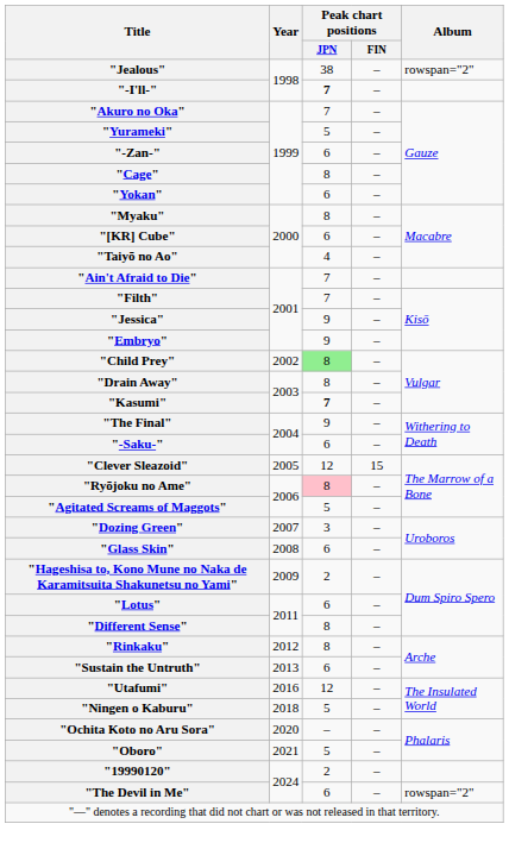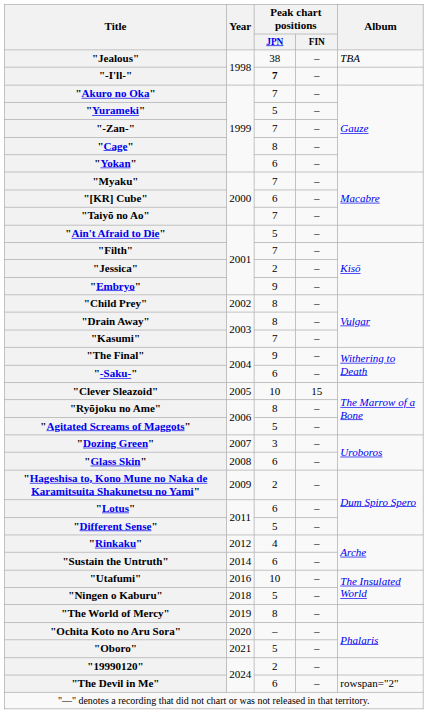 <table class="wikitable plainrowheaders">
 <tr>
 <th scope="col" rowspan="2">Title</th>
 <th scope="col" rowspan="2">Year</th>
 <th scope="col" colspan="2">Peak chart positions</th>
 <th scope="col" rowspan="2">Album</th>
 </tr>
 <tr>
 <th scope="col" style="width:4em;font-size:85%"><a href='#'>JPN</a><br></th>
 <th scope="col" style="width:4em;font-size:85%">FIN<br></th>
 </tr>
 <tr>
 <th scope="row">"Jealous"</th>
 <td align="center" rowspan="2">1998</td>
 <td align="center">38</td>
 <td align="center">–</td>
-<td>rowspan="2" </td>
+<td><em>TBA</em></td>
 </tr>
 <tr>
 <th scope="row">"-I'll-"</th>
 <td align="center"><strong>7</strong></td>
 <td align="center">–</td>
 </tr>
 <tr>
 <th scope="row">"<a href='#'>Akuro no Oka</a>"</th>
 <td align="center" rowspan="5">1999</td>
 <td align="center">7</td>
 <td align="center">–</td>
 <td rowspan="5"><em><a href='#'>Gauze</a></em></td>
 </tr>
 <tr>
 <th scope="row">"<a href='#'>Yurameki</a>"</th>
 <td align="center">5</td>
 <td align="center">–</td>
 </tr>
 <tr>
 <th scope="row">"-Zan-"</th>
-<td align="center">6</td>
+<td align="center">7</td>
 <td align="center">–</td>
 </tr>
 <tr>
 <th scope="row">"<a href='#'>Cage</a>"</th>
 <td align="center">8</td>
 <td align="center">–</td>
 </tr>
 <tr>
 <th scope="row">"<a href='#'>Yokan</a>"</th>
 <td align="center">6</td>
 <td align="center">–</td>
 </tr>
 <tr>
 <th scope="row">"Myaku"</th>
 <td align="center" rowspan="3">2000</td>
-<td align="center">8</td>
+<td align="center">7</td>
 <td align="center">–</td>
 <td rowspan="3"><em><a href='#'>Macabre</a></em></td>
 </tr>
 <tr>
 <th scope="row">"[KR] Cube"</th>
 <td align="center">6</td>
 <td align="center">–</td>
 </tr>
 <tr>
 <th scope="row">"Taiyō no Ao"</th>
-<td align="center">4</td>
+<td align="center">7</td>
 <td align="center">–</td>
 </tr>
 <tr>
 <th scope="row">"<a href='#'>Ain't Afraid to Die</a>"</th>
 <td align="center" rowspan="4">2001</td>
-<td align="center">7</td>
+<td align="center">5</td>
 <td align="center">–</td>
 <td></td>
 </tr>
 <tr>
 <th scope="row">"Filth"</th>
 <td align="center">7</td>
 <td align="center">–</td>
 <td rowspan="3"><em><a href='#'>Kisō</a></em></td>
 </tr>
 <tr>
 <th scope="row">"Jessica"</th>
-<td align="center">9</td>
+<td align="center">2</td>
 <td align="center">–</td>
 </tr>
 <tr>
 <th scope="row">"<a href='#'>Embryo</a>"</th>
 <td align="center">9</td>
 <td align="center">–</td>
 </tr>
 <tr>
 <th scope="row">"Child Prey"</th>
 <td align="center">2002</td>
-<td align="center" style="background: lightgreen;">8</td>
+<td align="center">8</td>
 <td align="center">–</td>
 <td rowspan="3"><em><a href='#'>Vulgar</a></em></td>
 </tr>
 <tr>
 <th scope="row">"Drain Away"</th>
 <td align="center" rowspan="2">2003</td>
 <td align="center">8</td>
 <td align="center">–</td>
 </tr>
 <tr>
 <th scope="row">"Kasumi"</th>
-<td align="center"><strong>7</strong></td>
+<td align="center">7</td>
 <td align="center">–</td>
 </tr>
 <tr>
 <th scope="row">"The Final"</th>
 <td align="center" rowspan="2">2004</td>
 <td align="center">9</td>
 <td align="center">–</td>
 <td rowspan="2"><em><a href='#'>Withering to Death</a></em></td>
 </tr>
 <tr>
 <th scope="row">"<a href='#'>-Saku-</a>"</th>
 <td align="center">6</td>
 <td align="center">–</td>
 </tr>
 <tr>
 <th scope="row">"Clever Sleazoid"</th>
 <td align="center">2005</td>
-<td align="center">12</td>
+<td align="center">10</td>
 <td align="center">15</td>
 <td rowspan="3"><em><a href='#'>The Marrow of a Bone</a></em></td>
 </tr>
 <tr>
 <th scope="row">"Ryōjoku no Ame"</th>
 <td align="center" rowspan="2">2006</td>
-<td align="center" style="background: pink;">8</td>
+<td align="center">8</td>
 <td align="center">–</td>
 </tr>
 <tr>
 <th scope="row">"<a href='#'>Agitated Screams of Maggots</a>"</th>
 <td align="center">5</td>
 <td align="center">–</td>
 </tr>
 <tr>
 <th scope="row">"<a href='#'>Dozing Green</a>"</th>
 <td align="center">2007</td>
 <td align="center">3</td>
 <td align="center">–</td>
 <td rowspan="2"><em><a href='#'>Uroboros</a></em></td>
 </tr>
 <tr>
 <th scope="row">"<a href='#'>Glass Skin</a>"</th>
 <td align="center">2008</td>
 <td align="center">6</td>
 <td align="center">–</td>
 </tr>
 <tr>
 <th scope="row">"<a href='#'>Hageshisa to, Kono Mune no Naka de Karamitsuita Shakunetsu no Yami</a>"</th>
 <td align="center">2009</td>
 <td align="center">2</td>
 <td align="center">–</td>
 <td rowspan="3"><em><a href='#'>Dum Spiro Spero</a></em></td>
 </tr>
 <tr>
 <th scope="row">"<a href='#'>Lotus</a>"</th>
 <td rowspan="2" align="center">2011</td>
 <td align="center">6</td>
 <td align="center">–</td>
 </tr>
 <tr>
 <th scope="row">"<a href='#'>Different Sense</a>"</th>
-<td align="center">8</td>
+<td align="center">5</td>
 <td align="center">–</td>
 </tr>
 <tr>
 <th scope="row">"<a href='#'>Rinkaku</a>"</th>
 <td align="center">2012</td>
-<td align="center">8</td>
+<td align="center">4</td>
 <td align="center">–</td>
 <td rowspan="2"><em><a href='#'>Arche</a></em></td>
 </tr>
 <tr>
 <th scope="row">"Sustain the Untruth"</th>
-<td align="center">2013</td>
+<td align="center">2014</td>
 <td align="center">6</td>
 <td align="center">–</td>
 </tr>
 <tr>
 <th scope="row">"Utafumi"</th>
 <td align="center">2016</td>
-<td align="center">12</td>
+<td align="center">10</td>
 <td align="center">–</td>
 <td rowspan="2"><em><a href='#'>The Insulated World</a></em></td>
 </tr>
 <tr>
 <th scope="row">"Ningen o Kaburu"</th>
 <td align="center">2018</td>
 <td align="center">5</td>
 <td align="center">–</td>
+</tr>
+<tr>
+<th scope="row">"The World of Mercy"</th>
+<td align="center">2019</td>
+<td align="center">8</td>
+<td align="center">–</td>
+<td></td>
 </tr>
 <tr>
 <th scope="row">"Ochita Koto no Aru Sora"</th>
 <td align="center">2020</td>
 <td align="center">–</td>
 <td align="center">–</td>
 <td rowspan="2"><em><a href='#'>Phalaris</a></em></td>
 </tr>
 <tr>
 <th scope="row">"Oboro"</th>
 <td align="center">2021</td>
 <td align="center">5</td>
 <td align="center">–</td>
 </tr>
 <tr>
 <th scope="row">"19990120"</th>
 <td rowspan="2" align="center">2024</td>
 <td align="center">2</td>
 <td align="center">–</td>
 <td></td>
 </tr>
 <tr>
 <th scope="row">"The Devil in Me"</th>
 <td align="center">6</td>
 <td align="center">–</td>
 <td>rowspan="2" </td>
 </tr>
 <tr>
 <td align="center" colspan="5" style="font-size:90%">"—" denotes a recording that did not chart or was not released in that territory.</td>
 </tr>
 </table>
